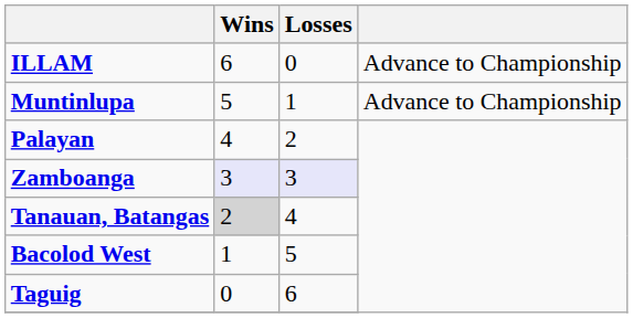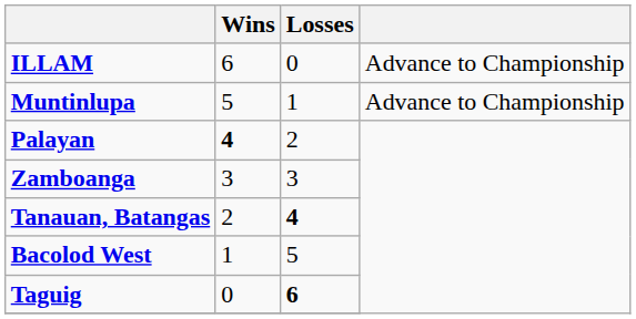 <table class="wikitable">
 <tr align=center>
 <th></th>
 <th>Wins</th>
 <th>Losses</th>
 <th></th>
 </tr>
 <tr>
 <td><strong><a href='#'>ILLAM</a></strong></td>
 <td>6</td>
 <td>0</td>
 <td>Advance to Championship</td>
 </tr>
 <tr>
 <td><strong><a href='#'>Muntinlupa</a></strong></td>
 <td>5</td>
 <td>1</td>
 <td>Advance to Championship</td>
 </tr>
 <tr>
 <td><strong><a href='#'>Palayan</a></strong></td>
-<td>4</td>
+<td><strong>4</strong></td>
 <td>2</td>
 </tr>
 <tr>
 <td><strong><a href='#'>Zamboanga</a></strong></td>
-<td style="background: lavender;">3</td>
-<td style="background: lavender;">3</td>
+<td>3</td>
+<td>3</td>
 </tr>
 <tr>
 <td><strong><a href='#'>Tanauan, Batangas</a></strong></td>
-<td style="background: lightgrey;">2</td>
-<td>4</td>
+<td>2</td>
+<td><strong>4</strong></td>
 </tr>
 <tr>
 <td><strong><a href='#'>Bacolod West</a></strong></td>
 <td>1</td>
 <td>5</td>
 </tr>
 <tr>
 <td><strong><a href='#'>Taguig</a></strong></td>
 <td>0</td>
-<td>6</td>
+<td><strong>6</strong></td>
 </tr>
 <tr>
 </tr>
 </table>
